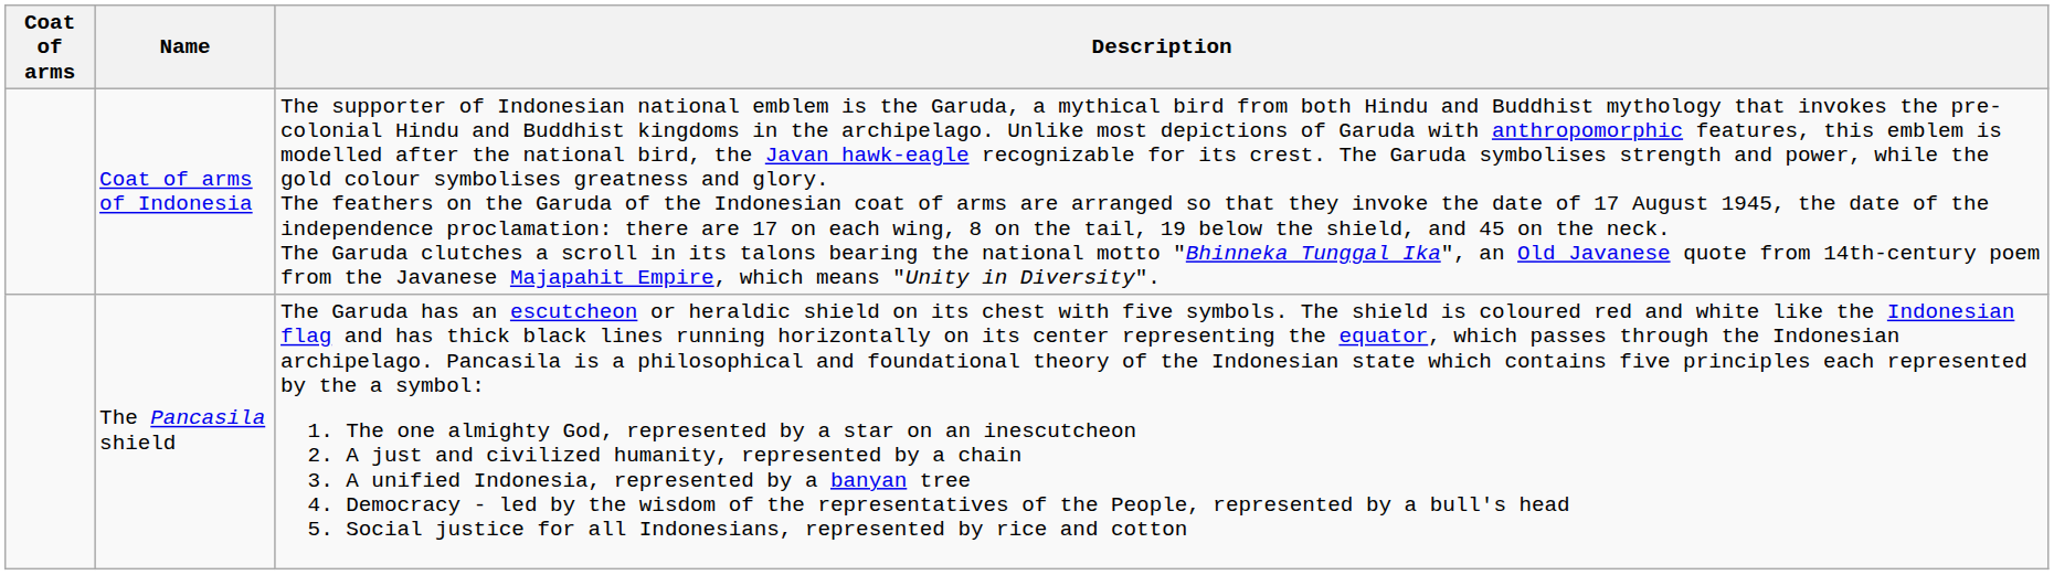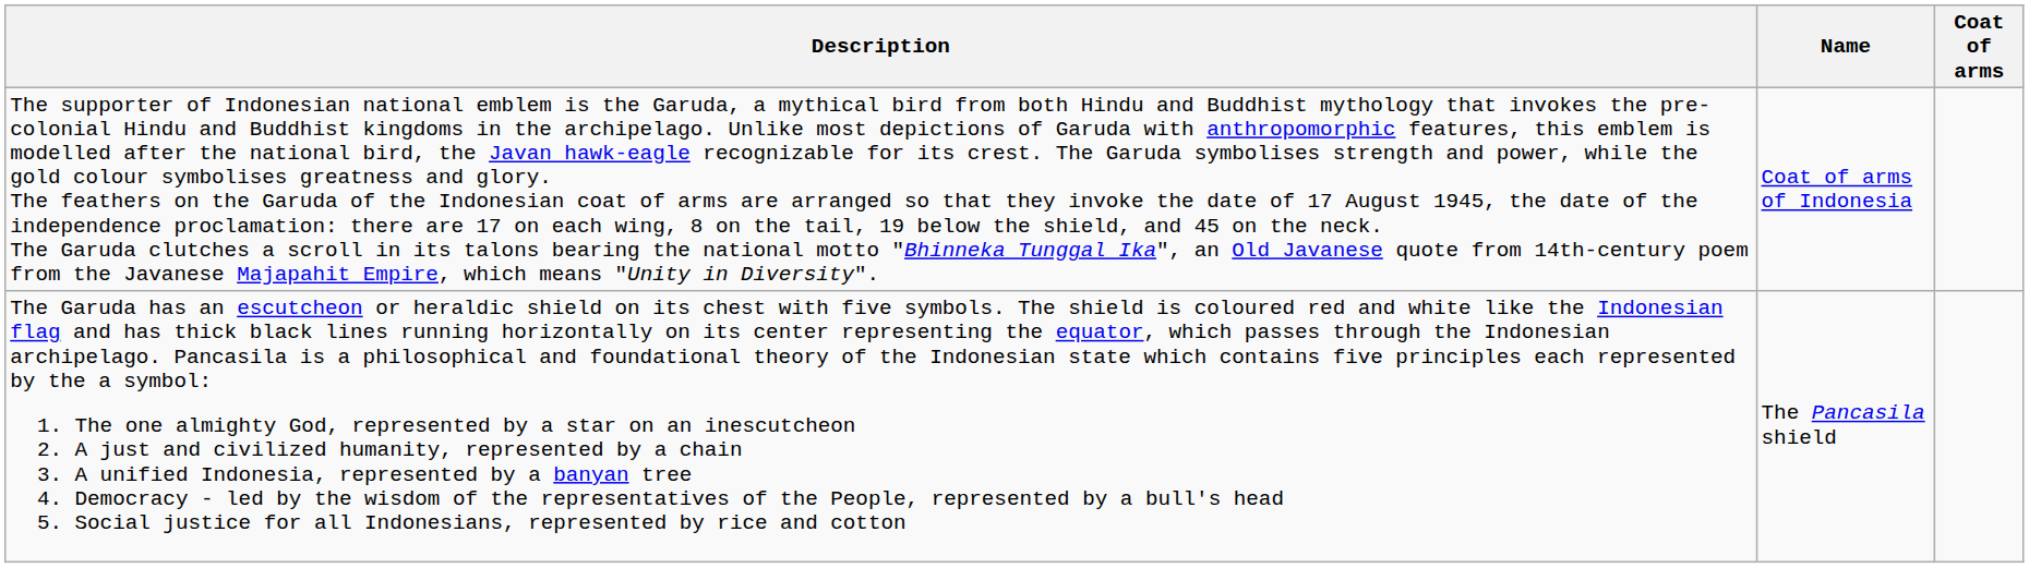 <table class="wikitable">
 <tr>
+<th>Description</th>
+<th>Name</th>
 <th>Coat of arms</th>
-<th>Name</th>
-<th>Description</th>
 </tr>
 <tr>
+<td>The supporter of Indonesian national emblem is the Garuda, a mythical bird from both Hindu and Buddhist mythology that invokes the pre-colonial Hindu and Buddhist kingdoms in the archipelago. Unlike most depictions of Garuda with <a href='#'>anthropomorphic</a> features, this emblem is modelled after the national bird, the <a href='#'>Javan hawk-eagle</a> recognizable for its crest. The Garuda symbolises strength and power, while the gold colour symbolises greatness and glory.<br>The feathers on the Garuda of the Indonesian coat of arms are arranged so that they invoke the date of 17 August 1945, the date of the independence proclamation: there are 17 on each wing, 8 on the tail, 19 below the shield, and 45 on the neck.<br>The Garuda clutches a scroll in its talons bearing the national motto "<em><a href='#'>Bhinneka Tunggal Ika</a></em>", an <a href='#'>Old Javanese</a> quote from 14th-century poem from the Javanese <a href='#'>Majapahit Empire</a>, which means "<em>Unity in Diversity</em>".</td>
+<td><a href='#'>Coat of arms of Indonesia</a></td>
 <td></td>
-<td><a href='#'>Coat of arms of Indonesia</a></td>
-<td>The supporter of Indonesian national emblem is the Garuda, a mythical bird from both Hindu and Buddhist mythology that invokes the pre-colonial Hindu and Buddhist kingdoms in the archipelago. Unlike most depictions of Garuda with <a href='#'>anthropomorphic</a> features, this emblem is modelled after the national bird, the <a href='#'>Javan hawk-eagle</a> recognizable for its crest. The Garuda symbolises strength and power, while the gold colour symbolises greatness and glory.<br>The feathers on the Garuda of the Indonesian coat of arms are arranged so that they invoke the date of 17 August 1945, the date of the independence proclamation: there are 17 on each wing, 8 on the tail, 19 below the shield, and 45 on the neck.<br>The Garuda clutches a scroll in its talons bearing the national motto "<em><a href='#'>Bhinneka Tunggal Ika</a></em>", an <a href='#'>Old Javanese</a> quote from 14th-century poem from the Javanese <a href='#'>Majapahit Empire</a>, which means "<em>Unity in Diversity</em>".</td>
 </tr>
 <tr>
+<td>The Garuda has an <a href='#'>escutcheon</a> or heraldic shield on its chest with five symbols. The shield is coloured red and white like the <a href='#'>Indonesian flag</a> and has thick black lines running horizontally on its center representing the <a href='#'>equator</a>, which passes through the Indonesian archipelago. Pancasila is a philosophical and foundational theory of the Indonesian state which contains five principles each represented by the a symbol:<br><ol><li>The one almighty God, represented by a star on an inescutcheon</li><li>A just and civilized humanity, represented by a chain</li><li>A unified Indonesia, represented by a <a href='#'>banyan</a> tree</li><li>Democracy - led by the wisdom of the representatives of the People, represented by a bull's head</li><li>Social justice for all Indonesians, represented by rice and cotton</li></ol></td>
+<td>The <a href='#'><em>Pancasila</em></a> shield</td>
 <td></td>
-<td>The <a href='#'><em>Pancasila</em></a> shield</td>
-<td>The Garuda has an <a href='#'>escutcheon</a> or heraldic shield on its chest with five symbols. The shield is coloured red and white like the <a href='#'>Indonesian flag</a> and has thick black lines running horizontally on its center representing the <a href='#'>equator</a>, which passes through the Indonesian archipelago. Pancasila is a philosophical and foundational theory of the Indonesian state which contains five principles each represented by the a symbol:<br><ol><li>The one almighty God, represented by a star on an inescutcheon</li><li>A just and civilized humanity, represented by a chain</li><li>A unified Indonesia, represented by a <a href='#'>banyan</a> tree</li><li>Democracy - led by the wisdom of the representatives of the People, represented by a bull's head</li><li>Social justice for all Indonesians, represented by rice and cotton</li></ol></td>
 </tr>
 </table>
